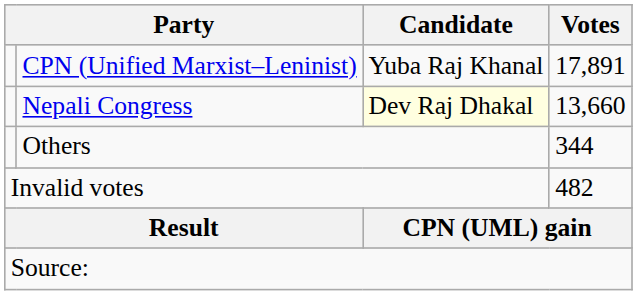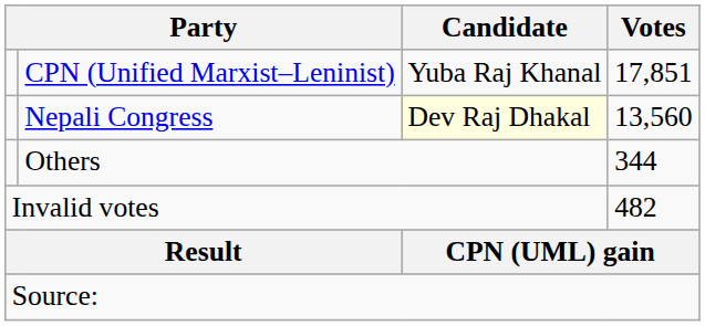 <table class="wikitable">
 <tr>
 <th colspan="2">Party</th>
 <th>Candidate</th>
 <th>Votes</th>
 </tr>
 <tr>
 <td style="background-color:"></td>
 <td><a href='#'>CPN (Unified Marxist–Leninist)</a></td>
 <td>Yuba Raj Khanal</td>
-<td>17,891</td>
+<td>17,851</td>
 </tr>
 <tr>
 <td style="background-color:"></td>
 <td><a href='#'>Nepali Congress</a></td>
 <td style="background: lightyellow;">Dev Raj Dhakal</td>
-<td>13,660</td>
+<td>13,560</td>
 </tr>
 <tr>
 <td></td>
 <td colspan="2">Others</td>
 <td>344</td>
 </tr>
 <tr>
 <td colspan="3">Invalid votes</td>
 <td>482</td>
 </tr>
 <tr>
 <th colspan="2">Result</th>
 <th colspan="2">CPN (UML) gain</th>
 </tr>
 <tr>
 <td colspan="4">Source: </td>
 </tr>
 </table>
